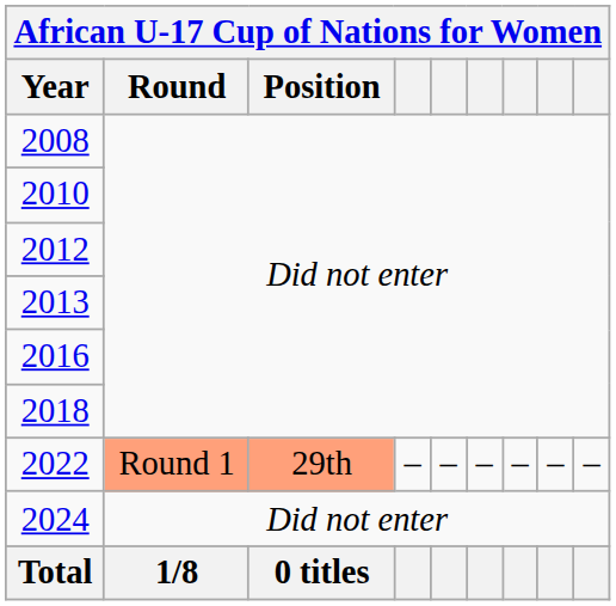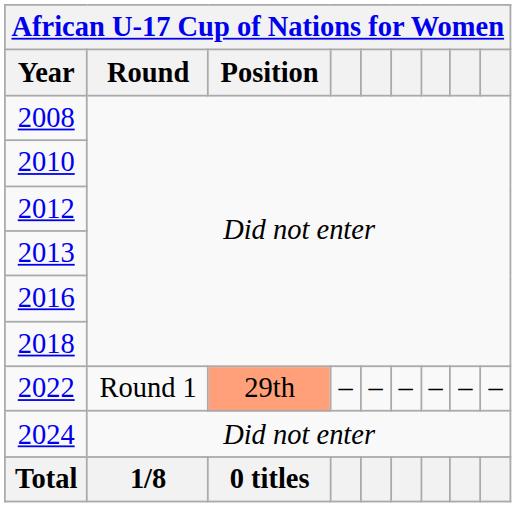 <table class="wikitable" style="text-align: center;">
 <tr>
 <th colspan=9><a href='#'>African U-17 Cup of Nations for Women</a></th>
 </tr>
 <tr>
 <th>Year</th>
 <th>Round</th>
 <th>Position</th>
 <th></th>
 <th></th>
 <th></th>
 <th></th>
 <th></th>
 <th></th>
 </tr>
 <tr>
 <td><a href='#'>2008</a></td>
 <td rowspan=6 colspan=8><em>Did not enter</em></td>
 </tr>
 <tr>
 <td><a href='#'>2010</a></td>
 </tr>
 <tr>
 <td><a href='#'>2012</a></td>
 </tr>
 <tr>
 <td><a href='#'>2013</a></td>
 </tr>
 <tr>
 <td><a href='#'>2016</a></td>
 </tr>
 <tr>
 <td><a href='#'>2018</a></td>
 </tr>
 <tr>
 <td><a href='#'>2022</a></td>
-<td style="background: lightsalmon;">Round 1</td>
+<td>Round 1</td>
 <td style="background: lightsalmon;">29th</td>
 <td>–</td>
 <td>–</td>
 <td>–</td>
 <td>–</td>
 <td>–</td>
 <td>–</td>
 </tr>
 <tr>
 <td><a href='#'>2024</a></td>
 <td colspan=8><em>Did not enter</em></td>
 </tr>
 <tr>
 <th>Total</th>
 <th>1/8</th>
 <th>0 titles</th>
 <th></th>
 <th></th>
 <th></th>
 <th></th>
 <th></th>
 <th></th>
 </tr>
 </table>
